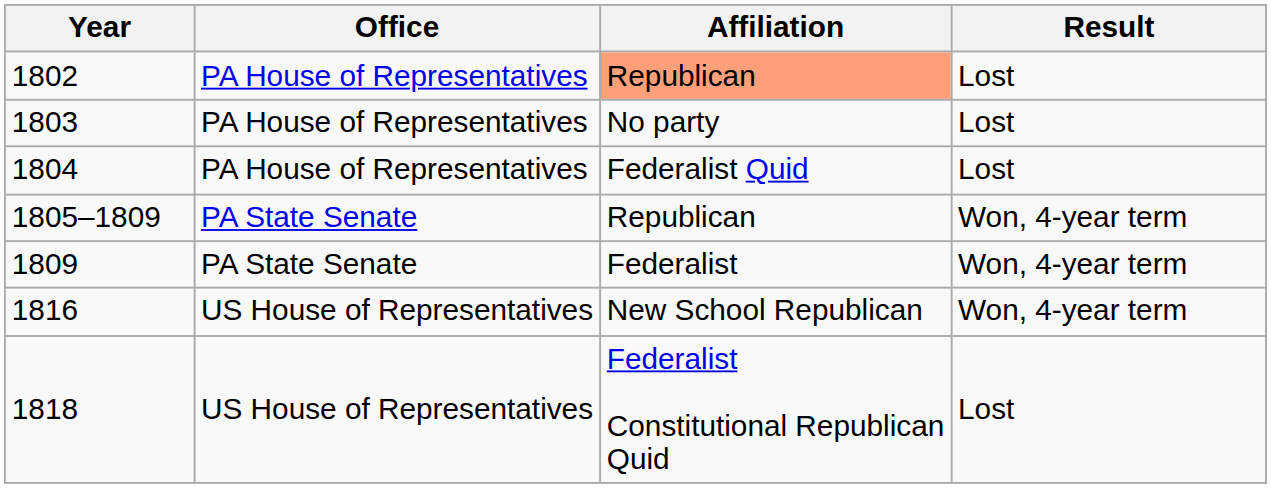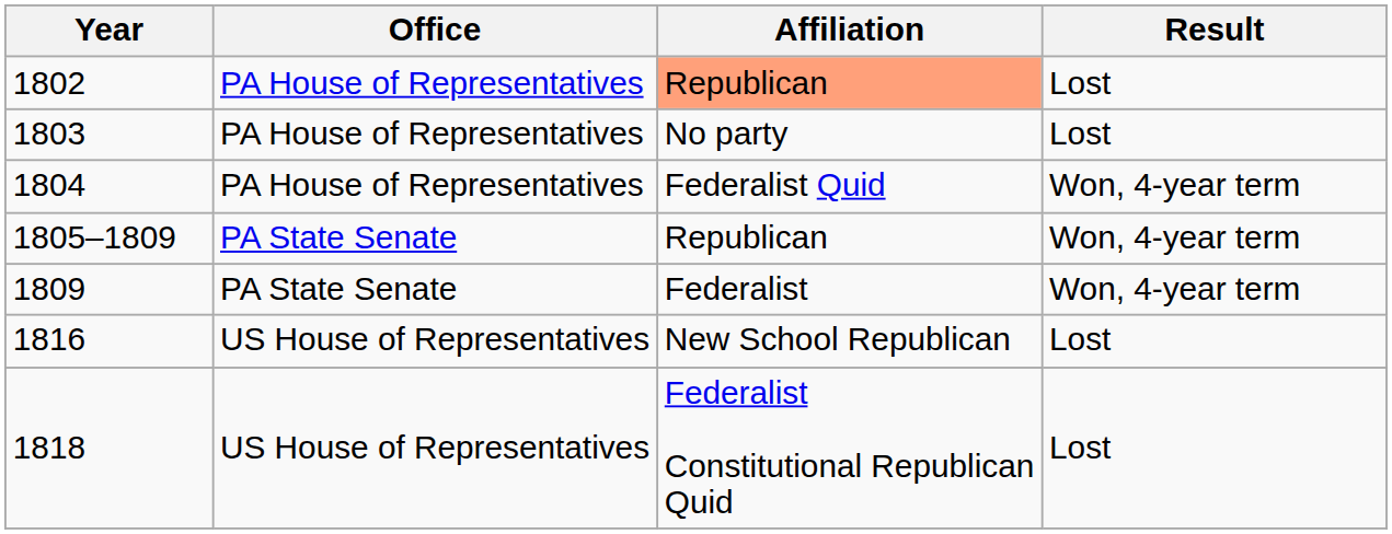 <table class="wikitable">
 <tr>
 <th scope="col" style="width: 15%;">Year</th>
 <th>Office</th>
 <th>Affiliation</th>
 <th scope="col" style="width: 25%;">Result</th>
 </tr>
 <tr>
 <td>1802</td>
 <td><a href='#'>PA House of Representatives</a></td>
 <td style="background: lightsalmon;">Republican</td>
 <td>Lost</td>
 </tr>
 <tr>
 <td>1803</td>
 <td>PA House of Representatives</td>
 <td>No party</td>
 <td>Lost</td>
 </tr>
 <tr>
 <td>1804</td>
 <td>PA House of Representatives</td>
 <td>Federalist <a href='#'>Quid</a></td>
-<td>Lost</td>
+<td>Won, 4-year term</td>
 </tr>
 <tr>
 <td>1805–1809</td>
 <td><a href='#'>PA State Senate</a></td>
 <td>Republican</td>
 <td>Won, 4-year term</td>
 </tr>
 <tr>
 <td>1809</td>
 <td>PA State Senate</td>
 <td>Federalist</td>
 <td>Won, 4-year term</td>
 </tr>
 <tr>
 <td>1816</td>
 <td>US House of Representatives</td>
 <td>New School Republican</td>
-<td>Won, 4-year term</td>
+<td>Lost</td>
 </tr>
 <tr>
 <td>1818</td>
 <td>US House of Representatives</td>
 <td><a href='#'>Federalist</a><br><br>Constitutional Republican<br> Quid</td>
 <td>Lost</td>
 </tr>
 </table>
